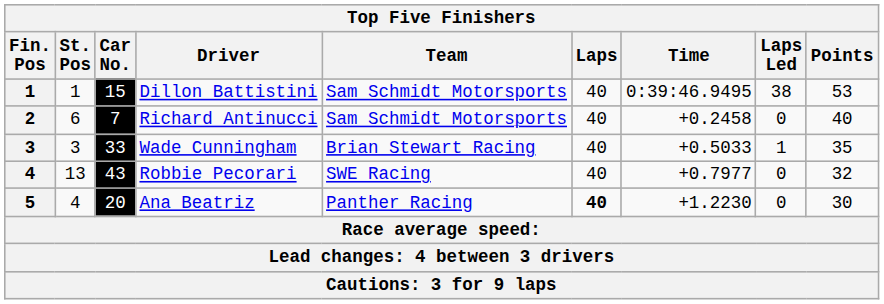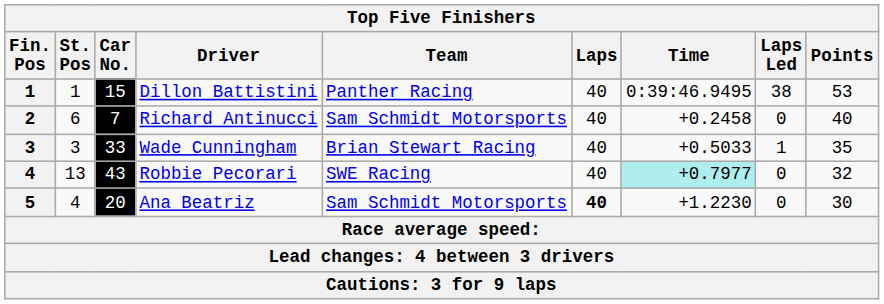 <table class="wikitable" style="font-size:85%;">
 <tr>
 <th colspan=9>Top Five Finishers</th>
 </tr>
 <tr>
 <th>Fin.<br>Pos</th>
 <th>St.<br>Pos</th>
 <th>Car<br>No.</th>
 <th>Driver</th>
 <th>Team</th>
 <th>Laps</th>
 <th>Time</th>
 <th>Laps<br>Led</th>
 <th>Points</th>
 </tr>
 <tr>
 <th>1</th>
 <td align=center>1</td>
 <td style="background:#000000; color:white;" align=center>15</td>
 <td> <a href='#'>Dillon Battistini</a></td>
-<td><a href='#'>Sam Schmidt Motorsports</a></td>
+<td><a href='#'>Panther Racing</a></td>
 <td align=center>40</td>
 <td align=right>0:39:46.9495</td>
 <td align=center>38</td>
 <td align=center>53</td>
 </tr>
 <tr>
 <th>2</th>
 <td align=center>6</td>
 <td style="background:#000000; color:white;" align=center>7</td>
 <td> <a href='#'>Richard Antinucci</a></td>
 <td><a href='#'>Sam Schmidt Motorsports</a></td>
 <td align=center>40</td>
 <td align=right>+0.2458</td>
 <td align=center>0</td>
 <td align=center>40</td>
 </tr>
 <tr>
 <th>3</th>
 <td align=center>3</td>
 <td style="background:#000000; color:white;" align=center>33</td>
 <td> <a href='#'>Wade Cunningham</a></td>
 <td><a href='#'>Brian Stewart Racing</a></td>
 <td align=center>40</td>
 <td align=right>+0.5033</td>
 <td align=center>1</td>
 <td align=center>35</td>
 </tr>
 <tr>
 <th>4</th>
 <td align=center>13</td>
 <td style="background:#000000; color:white;" align=center>43</td>
 <td> <a href='#'>Robbie Pecorari</a></td>
 <td><a href='#'>SWE Racing</a></td>
 <td align=center>40</td>
-<td align=right>+0.7977</td>
+<td align=right style="background: paleturquoise;">+0.7977</td>
 <td align=center>0</td>
 <td align=center>32</td>
 </tr>
 <tr>
 <th>5</th>
 <td align=center>4</td>
 <td style="background:#000000; color:white;" align=center>20</td>
 <td> <a href='#'>Ana Beatriz</a></td>
-<td><a href='#'>Panther Racing</a></td>
+<td><a href='#'>Sam Schmidt Motorsports</a></td>
 <td align=center><strong>40</strong></td>
 <td align=right>+1.2230</td>
 <td align=center>0</td>
 <td align=center>30</td>
 </tr>
 <tr>
 <th colspan=9>Race average speed: </th>
 </tr>
 <tr>
 <th colspan=9>Lead changes: 4 between 3 drivers</th>
 </tr>
 <tr>
 <th colspan=9>Cautions: 3 for 9 laps</th>
 </tr>
 </table>
